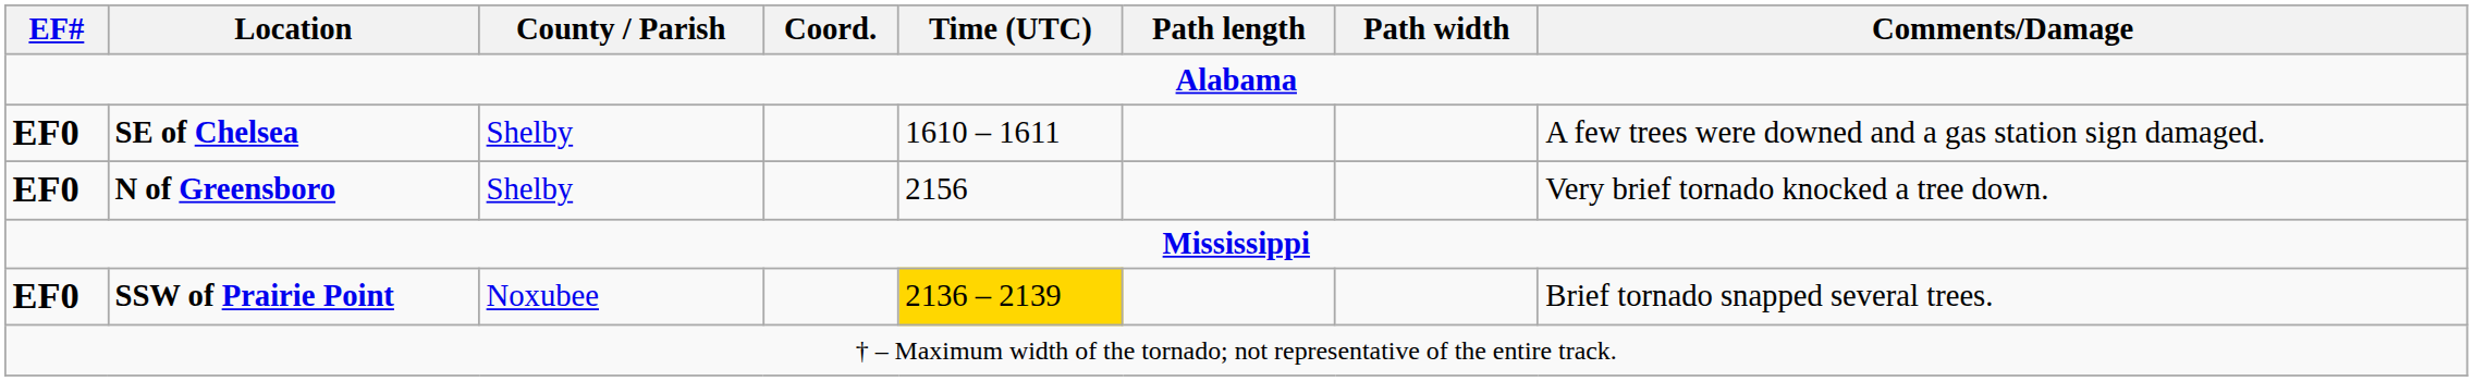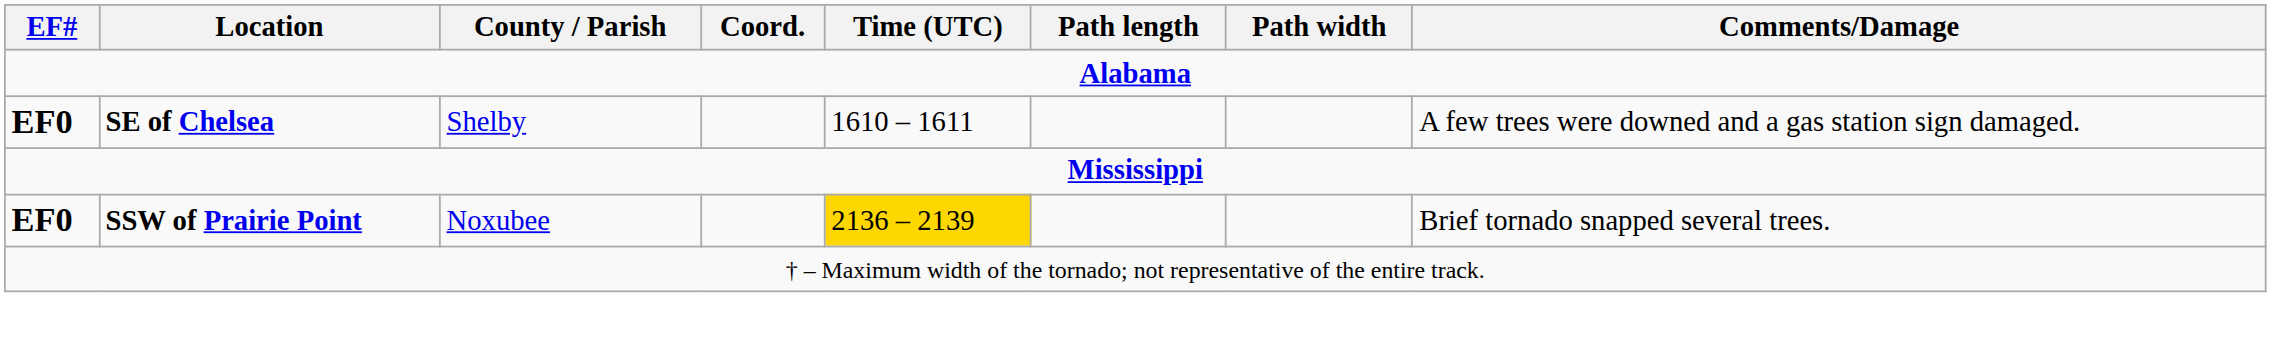 <table class="wikitable collapsible" width="100%">
 <tr>
 <th scope="col"><a href='#'>EF#</a></th>
 <th scope="col">Location</th>
 <th>County / Parish</th>
 <th scope="col">Coord.</th>
 <th scope="col">Time (UTC)</th>
 <th scope="col">Path length</th>
 <th scope="col">Path width</th>
 <th scope="col">Comments/Damage</th>
 </tr>
 <tr>
 <td colspan="8" align=center><strong><a href='#'>Alabama</a></strong></td>
 </tr>
 <tr>
 <td><big><strong>EF0</strong></big></td>
 <td><strong>SE of <a href='#'>Chelsea</a></strong></td>
 <td><a href='#'>Shelby</a></td>
 <td></td>
 <td>1610 – 1611</td>
 <td></td>
 <td></td>
 <td>A few trees were downed and a gas station sign damaged.</td>
 </tr>
 <tr>
-<td><big><strong>EF0</strong></big></td>
-<td><strong>N of <a href='#'>Greensboro</a></strong></td>
-<td><a href='#'>Shelby</a></td>
-<td></td>
-<td>2156</td>
-<td></td>
-<td></td>
-<td>Very brief tornado knocked a tree down.</td>
-</tr>
-<tr>
 <td colspan="8" align=center><strong><a href='#'>Mississippi</a></strong></td>
 </tr>
 <tr>
 <td><big><strong>EF0</strong></big></td>
 <td><strong>SSW of <a href='#'>Prairie Point</a></strong></td>
 <td><a href='#'>Noxubee</a></td>
 <td></td>
 <td style="background: gold;">2136 – 2139</td>
 <td></td>
 <td></td>
 <td>Brief tornado snapped several trees.</td>
 </tr>
 <tr>
 <td colspan="8" style="text-align:center;"><small>† – Maximum width of the tornado; not representative of the entire track.</small></td>
 </tr>
 </table>
